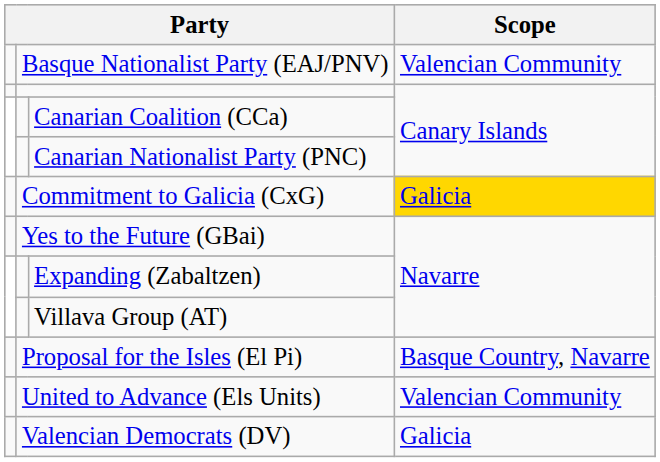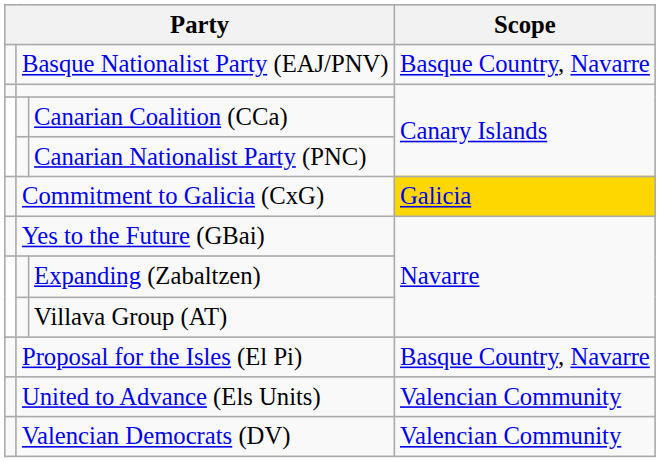 <table class="wikitable" style="text-align:left; font-size:97%;">
 <tr>
 <th colspan="3">Party</th>
 <th>Scope</th>
 </tr>
 <tr>
 <td></td>
 <td colspan="2"><a href='#'>Basque Nationalist Party</a> (EAJ/PNV)</td>
-<td><a href='#'>Valencian Community</a></td>
+<td><a href='#'>Basque Country</a>, <a href='#'>Navarre</a></td>
 </tr>
 <tr>
 <td></td>
 <td colspan="2"></td>
 <td rowspan="3"><a href='#'>Canary Islands</a></td>
 </tr>
 <tr>
 <td rowspan="2" bgcolor="white"></td>
 <td></td>
 <td><a href='#'>Canarian Coalition</a> (CCa)</td>
 </tr>
 <tr>
 <td></td>
 <td><a href='#'>Canarian Nationalist Party</a> (PNC)</td>
 </tr>
 <tr>
 <td></td>
 <td colspan="2"><a href='#'>Commitment to Galicia</a> (CxG)</td>
 <td style="background: gold;"><a href='#'>Galicia</a></td>
 </tr>
 <tr>
 <td></td>
 <td colspan="2"><a href='#'>Yes to the Future</a> (GBai)</td>
 <td rowspan="3"><a href='#'>Navarre</a></td>
 </tr>
 <tr>
 <td rowspan="2" bgcolor="white"></td>
 <td></td>
 <td><a href='#'>Expanding</a> (Zabaltzen)</td>
 </tr>
 <tr>
 <td></td>
 <td>Villava Group (AT)</td>
 </tr>
 <tr>
 <td></td>
 <td colspan="2"><a href='#'>Proposal for the Isles</a> (El Pi)</td>
 <td><a href='#'>Basque Country</a>, <a href='#'>Navarre</a></td>
 </tr>
 <tr>
 <td></td>
 <td colspan="2"><a href='#'>United to Advance</a> (Els Units)</td>
 <td><a href='#'>Valencian Community</a></td>
 </tr>
 <tr>
 <td></td>
 <td colspan="2"><a href='#'>Valencian Democrats</a> (DV)</td>
-<td><a href='#'>Galicia</a></td>
+<td><a href='#'>Valencian Community</a></td>
 </tr>
 </table>
